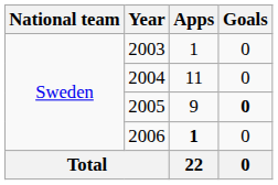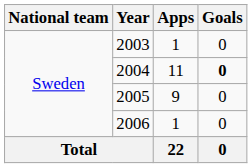 <table class="wikitable" style="text-align:center">
 <tr>
 <th>National team</th>
 <th>Year</th>
 <th>Apps</th>
 <th>Goals</th>
 </tr>
 <tr>
 <td rowspan="4"><a href='#'>Sweden</a></td>
 <td>2003</td>
 <td>1</td>
 <td>0</td>
 </tr>
 <tr>
 <td>2004</td>
 <td>11</td>
-<td>0</td>
+<td><strong>0</strong></td>
 </tr>
 <tr>
 <td>2005</td>
 <td>9</td>
-<td><strong>0</strong></td>
+<td>0</td>
 </tr>
 <tr>
 <td>2006</td>
-<td><strong>1</strong></td>
+<td>1</td>
 <td>0</td>
 </tr>
 <tr>
 <th colspan="2">Total</th>
 <th>22</th>
 <th>0</th>
 </tr>
 </table>
